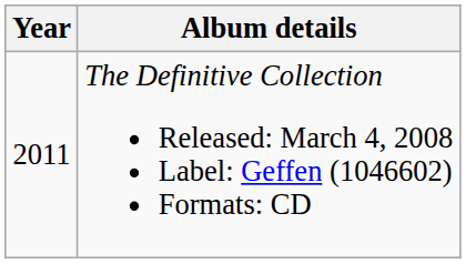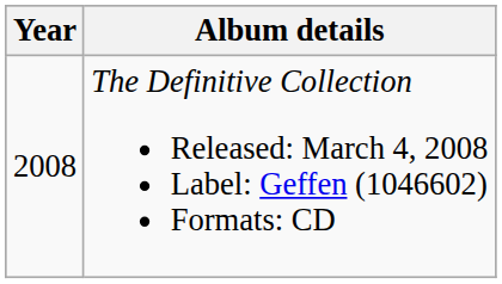 <table class="wikitable">
 <tr>
 <th>Year</th>
 <th>Album details</th>
 </tr>
 <tr>
-<td style="text-align:center;">2011</td>
+<td style="text-align:center;">2008</td>
 <td><em>The Definitive Collection</em><br><ul><li>Released: March 4, 2008</li><li>Label: <a href='#'>Geffen</a> (1046602)</li><li>Formats: CD</li></ul></td>
 </tr>
 </table>
